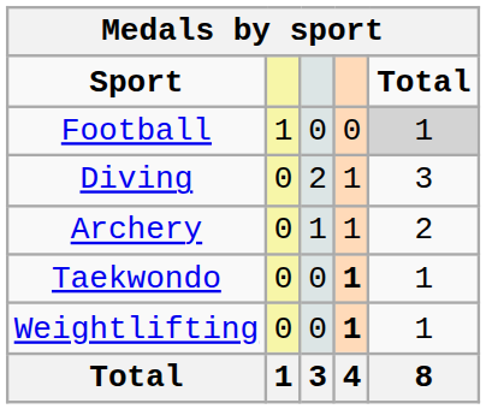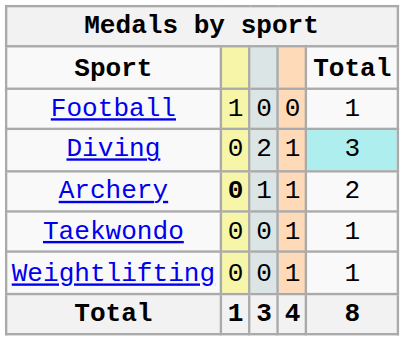 <table class="wikitable" style="font-size:85%; float:right">
 <tr bgcolor=#efefef>
 <th colspan=7>Medals by sport</th>
 </tr>
 <tr align=center>
 <td><strong>Sport</strong></td>
 <td bgcolor=#f7f6a8></td>
 <td bgcolor=#dce5e5></td>
 <td bgcolor=#ffdab9></td>
 <td><strong>Total</strong></td>
 </tr>
 <tr align=center>
 <td><a href='#'>Football</a></td>
 <td bgcolor=#f7f6a8>1</td>
 <td bgcolor=#dce5e5>0</td>
 <td bgcolor=#ffdab9>0</td>
-<td style="background: lightgrey;">1</td>
+<td>1</td>
 </tr>
 <tr align=center>
 <td><a href='#'>Diving</a></td>
 <td bgcolor=#f7f6a8>0</td>
 <td bgcolor=#dce5e5>2</td>
 <td bgcolor=#ffdab9>1</td>
-<td>3</td>
+<td style="background: paleturquoise;">3</td>
 </tr>
 <tr align=center>
 <td><a href='#'>Archery</a></td>
-<td bgcolor=#f7f6a8>0</td>
+<td bgcolor=#f7f6a8><strong>0</strong></td>
 <td bgcolor=#dce5e5>1</td>
 <td bgcolor=#ffdab9>1</td>
 <td>2</td>
 </tr>
 <tr align=center>
 <td><a href='#'>Taekwondo</a></td>
 <td bgcolor=#f7f6a8>0</td>
 <td bgcolor=#dce5e5>0</td>
-<td bgcolor=#ffdab9><strong>1</strong></td>
+<td bgcolor=#ffdab9>1</td>
 <td>1</td>
 </tr>
 <tr align=center>
 <td><a href='#'>Weightlifting</a></td>
 <td bgcolor=#f7f6a8>0</td>
 <td bgcolor=#dce5e5>0</td>
-<td bgcolor=#ffdab9><strong>1</strong></td>
+<td bgcolor=#ffdab9>1</td>
 <td>1</td>
 </tr>
 <tr align=center>
 <th>Total</th>
 <th bgcolor=gold>1</th>
 <th bgcolor=silver>3</th>
 <th bgcolor=#c96>4</th>
 <th>8</th>
 </tr>
 </table>
